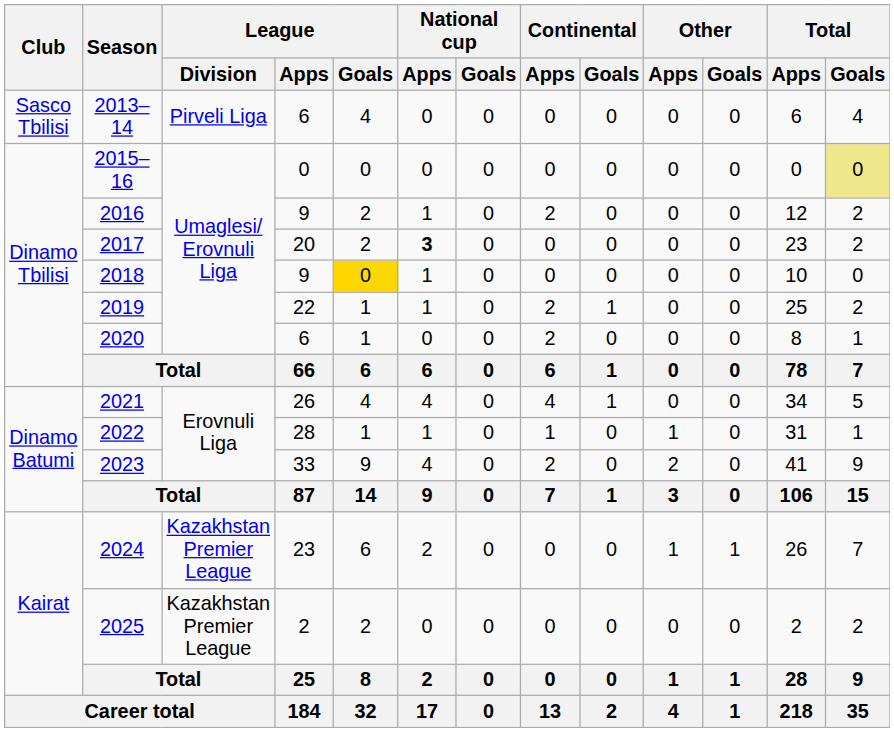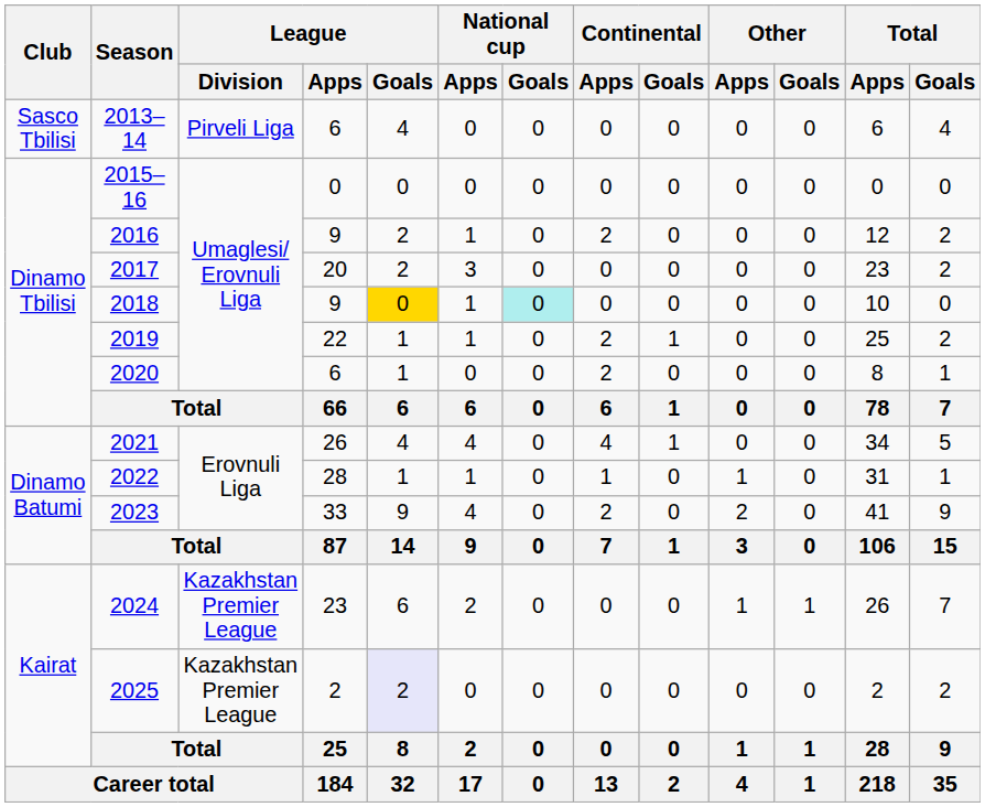 <table class="wikitable" style="text-align: center;">
 <tr>
 <th rowspan="2">Club</th>
 <th rowspan="2">Season</th>
 <th colspan="3">League</th>
 <th colspan="2">National cup</th>
 <th colspan="2">Continental</th>
 <th colspan="2">Other</th>
 <th colspan="2">Total</th>
 </tr>
 <tr>
 <th>Division</th>
 <th>Apps</th>
 <th>Goals</th>
 <th>Apps</th>
 <th>Goals</th>
 <th>Apps</th>
 <th>Goals</th>
 <th>Apps</th>
 <th>Goals</th>
 <th>Apps</th>
 <th>Goals</th>
 </tr>
 <tr>
 <td><a href='#'>Sasco Tbilisi</a></td>
 <td><a href='#'>2013–14</a></td>
 <td><a href='#'>Pirveli Liga</a></td>
 <td>6</td>
 <td>4</td>
 <td>0</td>
 <td>0</td>
 <td>0</td>
 <td>0</td>
 <td>0</td>
 <td>0</td>
 <td>6</td>
 <td>4</td>
 </tr>
 <tr>
 <td rowspan="7"><a href='#'>Dinamo Tbilisi</a></td>
 <td><a href='#'>2015–16</a></td>
 <td rowspan="6"><a href='#'>Umaglesi/<br>Erovnuli Liga</a></td>
 <td>0</td>
 <td>0</td>
 <td>0</td>
 <td>0</td>
 <td>0</td>
 <td>0</td>
 <td>0</td>
 <td>0</td>
 <td>0</td>
-<td style="background: khaki;">0</td>
+<td>0</td>
 </tr>
 <tr>
 <td><a href='#'>2016</a></td>
 <td>9</td>
 <td>2</td>
 <td>1</td>
 <td>0</td>
 <td>2 </td>
 <td>0</td>
 <td>0</td>
 <td>0</td>
 <td>12</td>
 <td>2</td>
 </tr>
 <tr>
 <td><a href='#'>2017</a></td>
 <td>20</td>
 <td>2</td>
-<td><strong>3</strong></td>
+<td>3</td>
 <td>0</td>
 <td>0</td>
 <td>0</td>
 <td>0</td>
 <td>0</td>
 <td>23</td>
 <td>2</td>
 </tr>
 <tr>
 <td><a href='#'>2018</a></td>
 <td>9</td>
 <td style="background: gold;">0</td>
 <td>1</td>
-<td>0</td>
+<td style="background: paleturquoise;">0</td>
 <td>0</td>
 <td>0</td>
 <td>0</td>
 <td>0</td>
 <td>10</td>
 <td>0</td>
 </tr>
 <tr>
 <td><a href='#'>2019</a></td>
 <td>22</td>
 <td>1</td>
 <td>1</td>
 <td>0</td>
 <td>2</td>
 <td>1</td>
 <td>0</td>
 <td>0</td>
 <td>25</td>
 <td>2</td>
 </tr>
 <tr>
 <td><a href='#'>2020</a></td>
 <td>6</td>
 <td>1</td>
 <td>0</td>
 <td>0</td>
 <td>2</td>
 <td>0</td>
 <td>0</td>
 <td>0</td>
 <td>8</td>
 <td>1</td>
 </tr>
 <tr>
 <th colspan="2">Total</th>
 <th>66</th>
 <th>6</th>
 <th>6</th>
 <th>0</th>
 <th>6</th>
 <th>1</th>
 <th>0</th>
 <th>0</th>
 <th>78</th>
 <th>7</th>
 </tr>
 <tr>
 <td rowspan="4"><a href='#'>Dinamo Batumi</a></td>
 <td><a href='#'>2021</a></td>
 <td rowspan="3">Erovnuli Liga</td>
 <td>26</td>
 <td>4</td>
 <td>4</td>
 <td>0</td>
 <td>4</td>
 <td>1</td>
 <td>0</td>
 <td>0</td>
 <td>34</td>
 <td>5</td>
 </tr>
 <tr>
 <td><a href='#'>2022</a></td>
 <td>28</td>
 <td>1</td>
 <td>1</td>
 <td>0</td>
 <td>1</td>
 <td>0</td>
 <td>1</td>
 <td>0</td>
 <td>31</td>
 <td>1</td>
 </tr>
 <tr>
 <td><a href='#'>2023</a></td>
 <td>33</td>
 <td>9</td>
 <td>4</td>
 <td>0</td>
 <td>2</td>
 <td>0</td>
 <td>2</td>
 <td>0</td>
 <td>41</td>
 <td>9</td>
 </tr>
 <tr>
 <th colspan="2">Total</th>
 <th>87</th>
 <th>14</th>
 <th>9</th>
 <th>0</th>
 <th>7</th>
 <th>1</th>
 <th>3</th>
 <th>0</th>
 <th>106</th>
 <th>15</th>
 </tr>
 <tr>
 <td rowspan="3"><a href='#'>Kairat</a></td>
 <td><a href='#'>2024</a></td>
 <td><a href='#'>Kazakhstan <br>Premier League</a></td>
 <td>23</td>
 <td>6</td>
 <td>2</td>
 <td>0</td>
 <td>0</td>
 <td>0</td>
 <td>1</td>
 <td>1</td>
 <td>26</td>
 <td>7</td>
 </tr>
 <tr>
 <td><a href='#'>2025</a></td>
 <td>Kazakhstan Premier League</td>
 <td>2</td>
-<td>2</td>
+<td style="background: lavender;">2</td>
 <td>0</td>
 <td>0</td>
 <td>0</td>
 <td>0</td>
 <td>0</td>
 <td>0</td>
 <td>2</td>
 <td>2</td>
 </tr>
 <tr>
 <th colspan="2">Total</th>
 <th>25</th>
 <th>8</th>
 <th>2</th>
 <th>0</th>
 <th>0</th>
 <th>0</th>
 <th>1</th>
 <th>1</th>
 <th>28</th>
 <th>9</th>
 </tr>
 <tr>
 <th colspan="3">Career total</th>
 <th>184</th>
 <th>32</th>
 <th>17</th>
 <th>0</th>
 <th>13</th>
 <th>2</th>
 <th>4</th>
 <th>1</th>
 <th>218</th>
 <th>35</th>
 </tr>
 </table>
